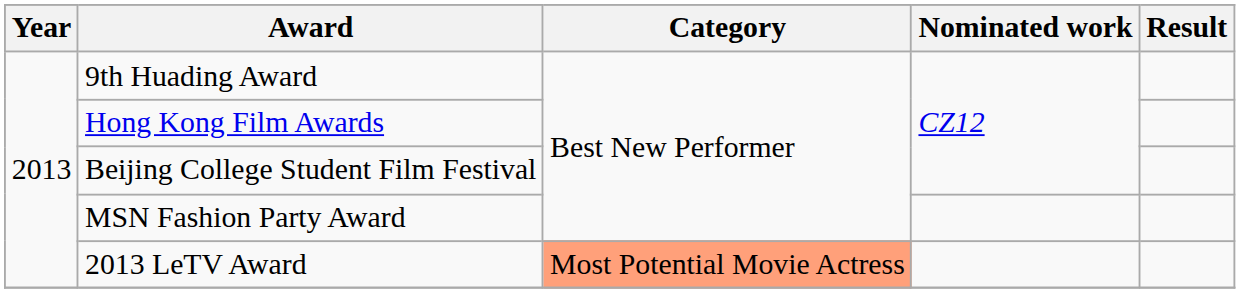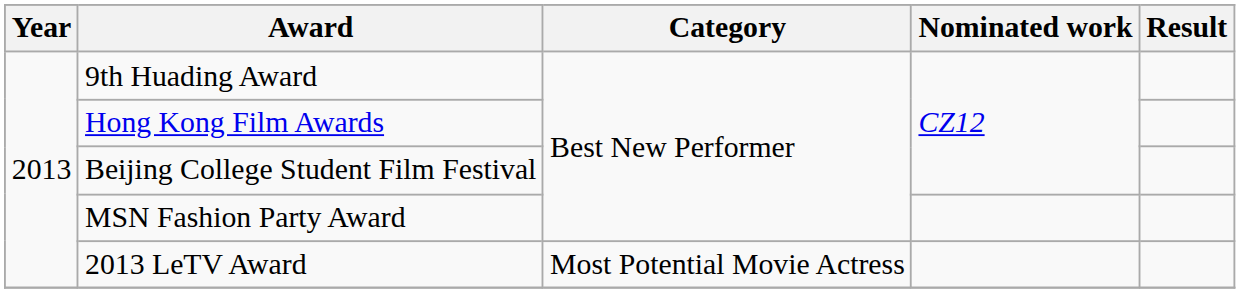 <table class="wikitable">
 <tr>
 <th>Year</th>
 <th>Award</th>
 <th>Category</th>
 <th>Nominated work</th>
 <th>Result</th>
 </tr>
 <tr>
 <td rowspan="5">2013</td>
 <td>9th Huading Award</td>
 <td rowspan="4">Best New Performer</td>
 <td rowspan="3"><em><a href='#'>CZ12</a></em></td>
 <td></td>
 </tr>
 <tr>
 <td><a href='#'>Hong Kong Film Awards</a></td>
 <td></td>
 </tr>
 <tr>
 <td>Beijing College Student Film Festival</td>
 <td></td>
 </tr>
 <tr>
 <td>MSN Fashion Party Award</td>
 <td></td>
 <td></td>
 </tr>
 <tr>
 <td>2013 LeTV Award</td>
-<td style="background: lightsalmon;">Most Potential Movie Actress</td>
+<td>Most Potential Movie Actress</td>
 <td></td>
 <td></td>
 </tr>
 <tr>
 </tr>
 </table>
